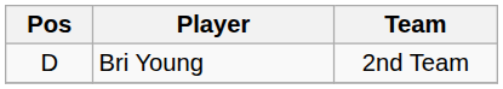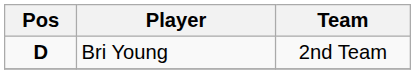 <table class="wikitable">
 <tr>
 <th scope="col" width="50">Pos</th>
 <th scope="col" width="150">Player</th>
 <th scope="col" width="100">Team</th>
 </tr>
 <tr>
-<td align="center">D</td>
+<td align="center"><strong>D</strong></td>
 <td>Bri Young</td>
 <td align="center">2nd Team</td>
 </tr>
 <tr>
 </tr>
 </table>
